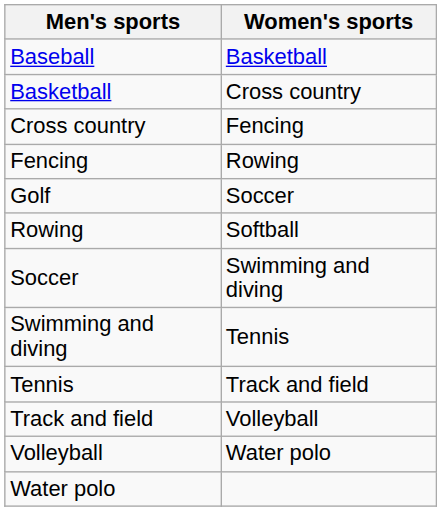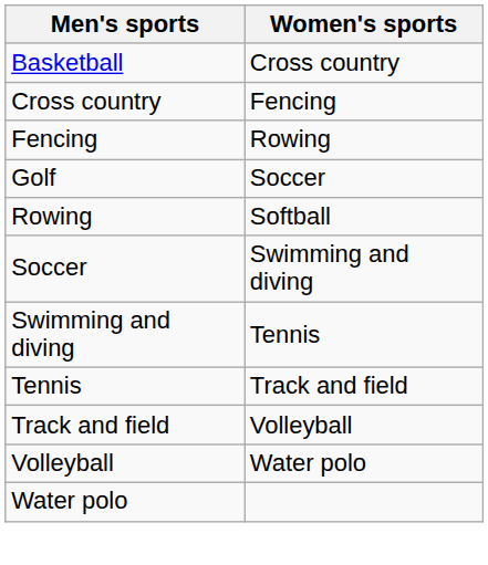 <table class="wikitable" style= "float:right; clear:right; margin:0 0 1em 1em;">
 <tr>
 <th width=150px>Men's sports</th>
 <th width=150px>Women's sports</th>
-</tr>
-<tr>
-<td><a href='#'>Baseball</a></td>
-<td><a href='#'>Basketball</a></td>
 </tr>
 <tr>
 <td><a href='#'>Basketball</a></td>
 <td>Cross country</td>
 </tr>
 <tr>
 <td>Cross country</td>
 <td>Fencing</td>
 </tr>
 <tr>
 <td>Fencing</td>
 <td>Rowing</td>
 </tr>
 <tr>
 <td>Golf</td>
 <td>Soccer</td>
 </tr>
 <tr>
 <td>Rowing</td>
 <td>Softball</td>
 </tr>
 <tr>
 <td>Soccer</td>
 <td>Swimming and diving</td>
 </tr>
 <tr>
 <td>Swimming and diving</td>
 <td>Tennis</td>
 </tr>
 <tr>
 <td>Tennis</td>
 <td>Track and field</td>
 </tr>
 <tr>
 <td>Track and field</td>
 <td>Volleyball</td>
 </tr>
 <tr>
 <td>Volleyball</td>
 <td>Water polo</td>
 </tr>
 <tr>
 <td>Water polo</td>
 <td></td>
 </tr>
 </table>
